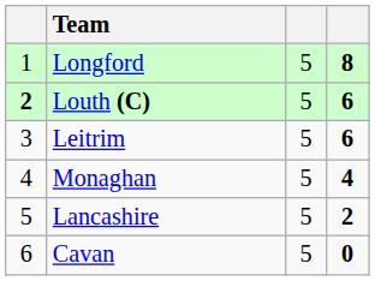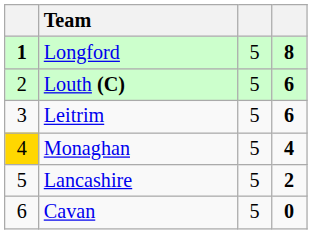 <table class="wikitable" style="text-align:center">
 <tr>
 <th width="20"></th>
 <th style="width:150px; text-align:left;">Team</th>
 <th width="20"></th>
 <th width="20"></th>
 </tr>
 <tr style="background:#ccffcc">
-<td>1</td>
+<td><strong>1</strong></td>
 <td align="left"> <a href='#'>Longford</a></td>
 <td>5</td>
 <td><strong>8</strong></td>
 </tr>
 <tr style="background:#ccffcc">
-<td><strong>2</strong></td>
+<td>2</td>
 <td align="left"> <a href='#'>Louth</a> <strong>(C)</strong></td>
 <td>5</td>
 <td><strong>6</strong></td>
 </tr>
 <tr>
 <td>3</td>
 <td align="left"> <a href='#'>Leitrim</a></td>
 <td>5</td>
 <td><strong>6</strong></td>
 </tr>
 <tr>
-<td>4</td>
+<td style="background: gold;">4</td>
 <td align="left"> <a href='#'>Monaghan</a></td>
 <td>5</td>
 <td><strong>4</strong></td>
 </tr>
 <tr>
 <td>5</td>
 <td align="left"> <a href='#'>Lancashire</a></td>
 <td>5</td>
 <td><strong>2</strong></td>
 </tr>
 <tr>
 <td>6</td>
 <td align="left"> <a href='#'>Cavan</a></td>
 <td>5</td>
 <td><strong>0</strong></td>
 </tr>
 </table>
